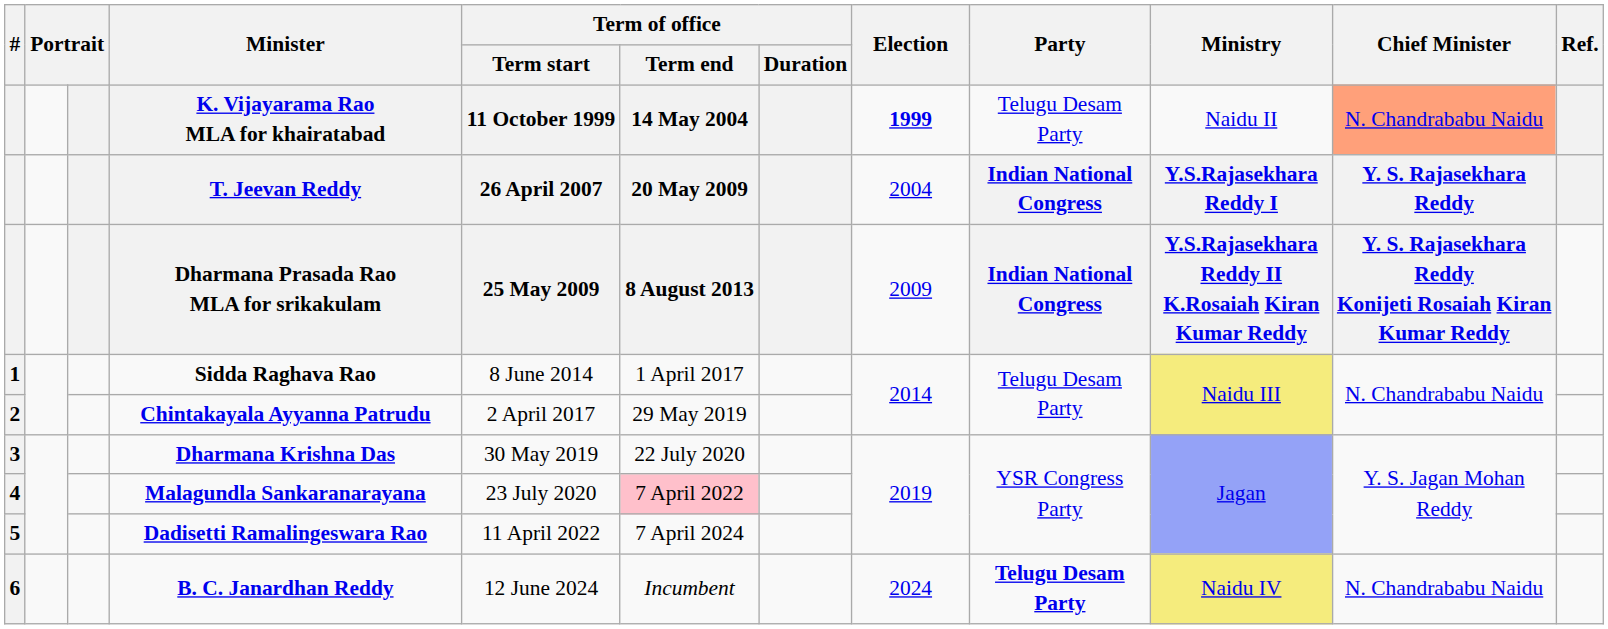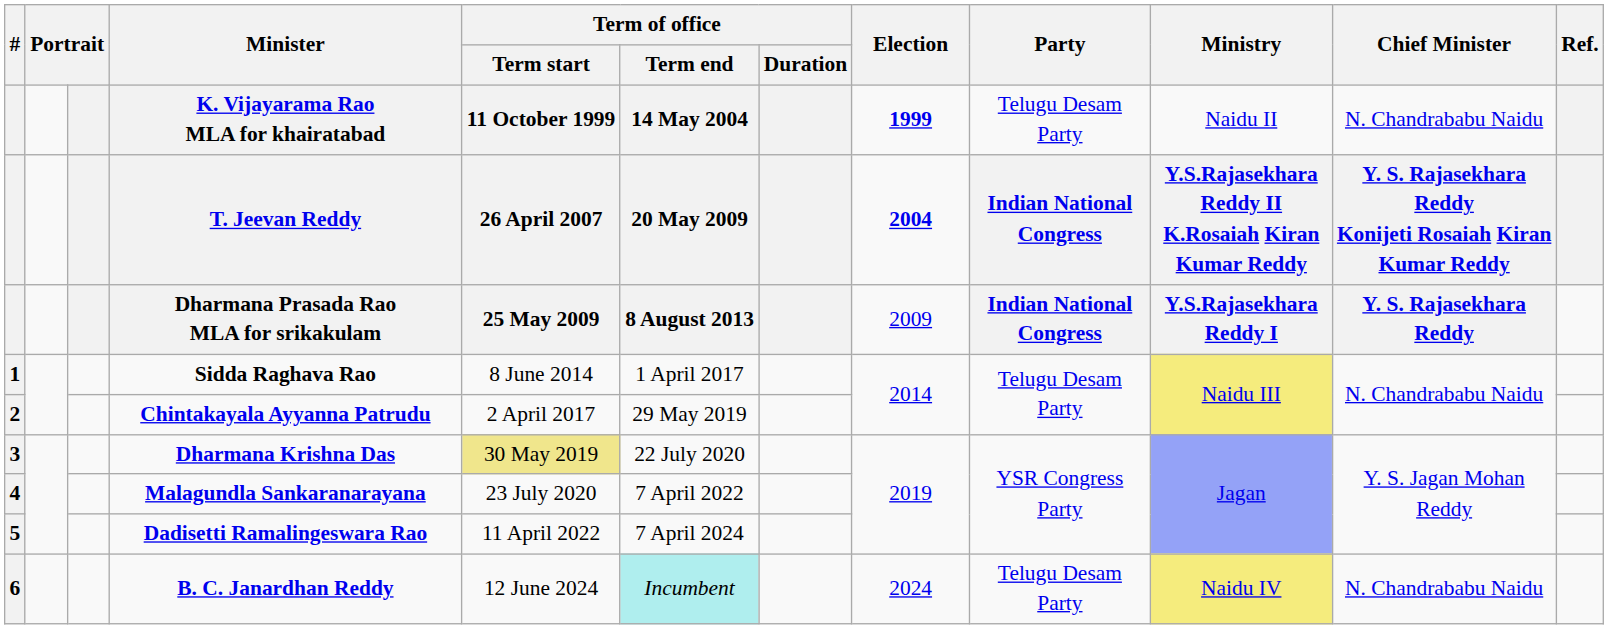 <table class="wikitable" style="line-height:1.4em; text-align:center">
 <tr>
 <th rowspan=2>#</th>
 <th rowspan=2 colspan="2">Portrait</th>
 <th rowspan=2 style="width:16em">Minister<br></th>
 <th colspan="3">Term of office</th>
 <th rowspan=2 style="width:5em">Election<br></th>
 <th rowspan=2 style="width:8em">Party</th>
 <th rowspan=2 style="width:8em">Ministry</th>
 <th rowspan=2 style="width:10em">Chief Minister</th>
 <th rowspan=2>Ref.</th>
 </tr>
 <tr>
 <th>Term start</th>
 <th>Term end</th>
 <th>Duration</th>
 </tr>
 <tr>
 <th></th>
 <td></td>
 <th></th>
 <th><a href='#'>K. Vijayarama Rao</a><br>MLA for khairatabad</th>
 <th>11 October 1999</th>
 <th>14 May 2004</th>
 <th></th>
 <td><strong><a href='#'>1999</a><br></strong></td>
 <td><a href='#'>Telugu Desam Party</a></td>
 <td><a href='#'>Naidu II</a></td>
-<td style="background: lightsalmon;"><a href='#'>N. Chandrababu Naidu</a></td>
+<td><a href='#'>N. Chandrababu Naidu</a></td>
 <th></th>
 </tr>
 <tr>
 <th></th>
 <td></td>
 <th></th>
 <th><a href='#'>T. Jeevan Reddy</a></th>
 <th>26 April 2007</th>
 <th>20 May 2009</th>
 <th></th>
-<td><a href='#'>2004</a><br></td>
+<td><strong><a href='#'>2004</a><br></strong></td>
 <th><a href='#'>Indian National Congress</a></th>
-<th><a href='#'>Y.S.Rajasekhara Reddy I</a></th>
-<th><a href='#'>Y. S. Rajasekhara Reddy</a></th>
+<th><a href='#'>Y.S.Rajasekhara Reddy II</a><br><a href='#'>K.Rosaiah</a> <a href='#'>Kiran Kumar Reddy</a></th>
+<th><a href='#'>Y. S. Rajasekhara Reddy</a><br><a href='#'>Konijeti Rosaiah</a>  <a href='#'>Kiran Kumar Reddy</a></th>
 <th></th>
 </tr>
 <tr>
 <th></th>
 <td></td>
 <th></th>
 <th>Dharmana Prasada Rao<br>MLA for srikakulam</th>
 <th>25 May 2009</th>
 <th>8 August 2013</th>
 <th></th>
 <td><a href='#'>2009</a><br></td>
 <th><a href='#'>Indian National Congress</a></th>
-<th><a href='#'>Y.S.Rajasekhara Reddy II</a><br><a href='#'>K.Rosaiah</a> <a href='#'>Kiran Kumar Reddy</a></th>
-<th><a href='#'>Y. S. Rajasekhara Reddy</a><br><a href='#'>Konijeti Rosaiah</a>  <a href='#'>Kiran Kumar Reddy</a></th>
+<th><a href='#'>Y.S.Rajasekhara Reddy I</a></th>
+<th><a href='#'>Y. S. Rajasekhara Reddy</a></th>
 </tr>
 <tr>
 <th>1</th>
 <td rowspan=2></td>
 <td></td>
 <td><strong>Sidda Raghava Rao</strong><br></td>
 <td>8 June 2014</td>
 <td>1 April 2017</td>
 <td><strong></strong></td>
 <td rowspan=2><a href='#'>2014</a><br></td>
 <td rowspan=2><a href='#'>Telugu Desam Party</a></td>
 <td rowspan=2 bgcolor="#F5EC7D"><a href='#'>Naidu III</a></td>
 <td rowspan=2><a href='#'>N. Chandrababu Naidu</a></td>
 <td></td>
 </tr>
 <tr>
 <th>2</th>
 <td></td>
 <td><strong><a href='#'>Chintakayala Ayyanna Patrudu</a></strong><br></td>
 <td>2 April 2017</td>
 <td>29 May 2019</td>
 <td><strong></strong></td>
 <td></td>
 </tr>
 <tr>
 <th>3</th>
 <td rowspan=3></td>
 <td></td>
 <td><strong><a href='#'>Dharmana Krishna Das</a></strong><br></td>
-<td>30 May 2019</td>
+<td style="background: khaki;">30 May 2019</td>
 <td>22 July 2020</td>
 <td><strong></strong></td>
 <td rowspan=3><a href='#'>2019</a><br></td>
 <td rowspan="3"><a href='#'>YSR Congress Party</a></td>
 <td rowspan=3 bgcolor="#94A2F7"><a href='#'>Jagan</a></td>
 <td rowspan="3"><a href='#'>Y. S. Jagan Mohan Reddy</a></td>
 <td></td>
 </tr>
 <tr>
 <th>4</th>
 <td></td>
 <td><strong><a href='#'>Malagundla Sankaranarayana</a></strong><br></td>
 <td>23 July 2020</td>
-<td style="background: pink;">7 April 2022</td>
+<td>7 April 2022</td>
 <td><strong></strong></td>
 <td></td>
 </tr>
 <tr>
 <th>5</th>
 <td></td>
 <td><strong><a href='#'>Dadisetti Ramalingeswara Rao</a></strong><br></td>
 <td>11 April 2022</td>
 <td>7 April 2024</td>
 <td><strong></strong></td>
 <td></td>
 </tr>
 <tr>
 <th>6</th>
 <td></td>
 <td></td>
 <td><strong><a href='#'>B. C. Janardhan Reddy</a></strong><br></td>
 <td>12 June 2024</td>
-<td><em>Incumbent</em></td>
+<td style="background: paleturquoise;"><em>Incumbent</em></td>
 <td><strong></strong></td>
 <td><a href='#'>2024</a><br></td>
-<td><strong><a href='#'>Telugu Desam Party</a></strong></td>
+<td><a href='#'>Telugu Desam Party</a></td>
 <td bgcolor="#F5EC7D"><a href='#'>Naidu IV</a></td>
 <td><a href='#'>N. Chandrababu Naidu</a></td>
 <td></td>
 </tr>
 </table>
